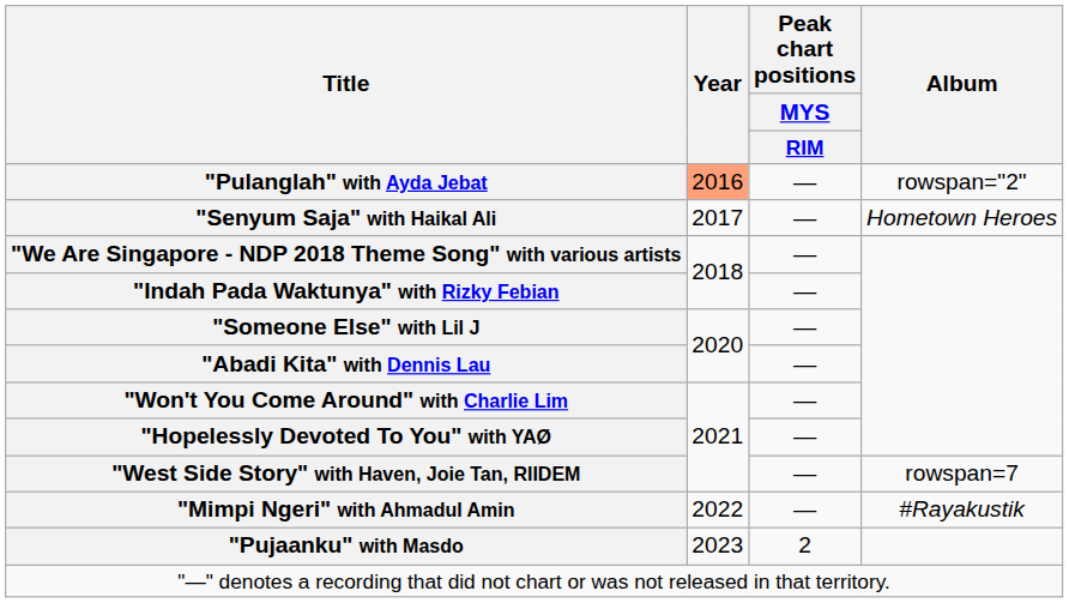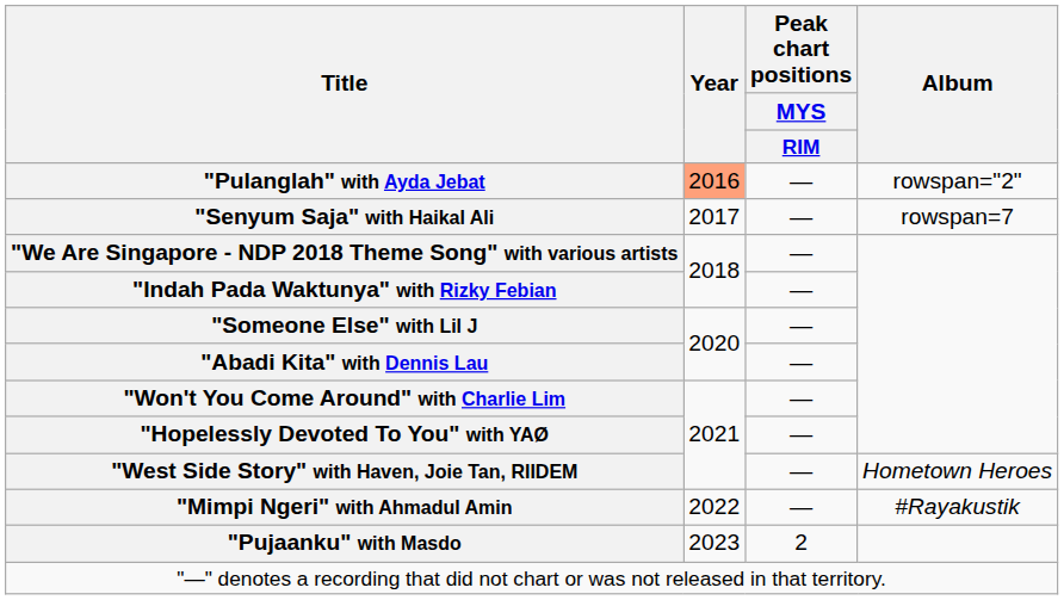 <table class="wikitable plainrowheaders" style="text-align:center;">
 <tr>
 <th rowspan="3">Title</th>
 <th rowspan="3">Year</th>
 <th colspan="1">Peak chart positions</th>
 <th rowspan="3">Album</th>
 </tr>
 <tr>
 <th colspan="1"><a href='#'>MYS</a></th>
 </tr>
 <tr>
 <th scope="col" style="width:3em;font-size:90%;"><a href='#'>RIM</a><br></th>
 </tr>
 <tr>
 <th scope="row">"Pulanglah" <small>with <a href='#'>Ayda Jebat</a></small></th>
 <td style="background: lightsalmon;">2016</td>
 <td>—</td>
 <td>rowspan="2"</td>
 </tr>
 <tr>
 <th scope="row">"Senyum Saja" <small>with Haikal Ali</small></th>
 <td>2017</td>
 <td>—</td>
-<td><em>Hometown Heroes</em></td>
+<td>rowspan=7</td>
 </tr>
 <tr>
 <th scope="row">"We Are Singapore - NDP 2018 Theme Song" <small>with various artists</small></th>
 <td rowspan="2">2018</td>
 <td>—</td>
 </tr>
 <tr>
 <th scope="row">"Indah Pada Waktunya" <small>with <a href='#'>Rizky Febian</a></small></th>
 <td>—</td>
 </tr>
 <tr>
 <th scope="row">"Someone Else" <small>with Lil J</small></th>
 <td rowspan="2">2020</td>
 <td>—</td>
 </tr>
 <tr>
 <th scope="row">"Abadi Kita" <small>with <a href='#'>Dennis Lau</a></small></th>
 <td>—</td>
 </tr>
 <tr>
 <th scope="row">"Won't You Come Around" <small>with <a href='#'>Charlie Lim</a></small></th>
 <td rowspan="3">2021</td>
 <td>—</td>
 </tr>
 <tr>
 <th scope="row">"Hopelessly Devoted To You" <small>with YAØ</small></th>
 <td>—</td>
 </tr>
 <tr>
 <th scope="row">"West Side Story" <small>with Haven, Joie Tan, RIIDEM</small></th>
 <td>—</td>
-<td>rowspan=7</td>
+<td><em>Hometown Heroes</em></td>
 </tr>
 <tr>
 <th scope="row">"Mimpi Ngeri" <small>with Ahmadul Amin</small></th>
 <td>2022</td>
 <td>—</td>
 <td><em>#Rayakustik</em></td>
 </tr>
 <tr>
 <th scope="row">"Pujaanku" <small>with Masdo</small></th>
 <td>2023</td>
 <td>2</td>
 </tr>
 <tr>
 <td colspan="5" style="font-size:90%">"—" denotes a recording that did not chart or was not released in that territory.</td>
 </tr>
 </table>
